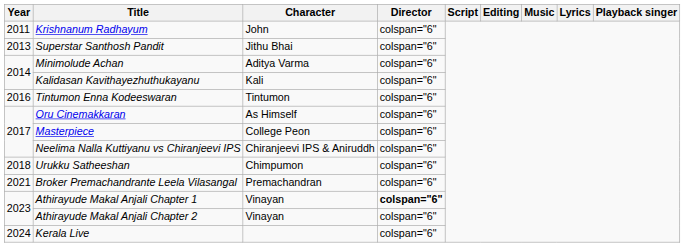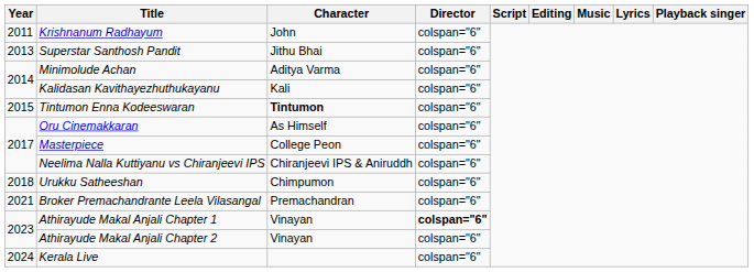 <table class="wikitable sortable">
 <tr>
 <th>Year</th>
 <th>Title</th>
 <th>Character</th>
 <th>Director</th>
 <th>Script</th>
 <th>Editing</th>
 <th>Music</th>
 <th>Lyrics</th>
 <th>Playback singer</th>
 </tr>
 <tr>
 <td>2011</td>
 <td><em><a href='#'>Krishnanum Radhayum</a></em></td>
 <td>John</td>
 <td>colspan="6"</td>
 </tr>
 <tr>
 <td>2013</td>
 <td><em> Superstar Santhosh Pandit </em></td>
 <td>Jithu Bhai</td>
 <td>colspan="6"</td>
 </tr>
 <tr>
 <td rowspan=2>2014</td>
 <td><em>Minimolude Achan</em></td>
 <td>Aditya Varma</td>
 <td>colspan="6"</td>
 </tr>
 <tr>
 <td><em>Kalidasan Kavithayezhuthukayanu</em></td>
 <td>Kali</td>
 <td>colspan="6"</td>
 </tr>
 <tr>
-<td>2016</td>
+<td>2015</td>
 <td><em>Tintumon Enna Kodeeswaran</em></td>
-<td>Tintumon</td>
+<td><strong>Tintumon</strong></td>
 <td>colspan="6"</td>
 </tr>
 <tr>
 <td rowspan=3>2017</td>
 <td><em><a href='#'>Oru Cinemakkaran</a></em></td>
 <td>As Himself</td>
 <td>colspan="6"</td>
 </tr>
 <tr>
 <td><em><a href='#'>Masterpiece</a></em></td>
 <td>College Peon</td>
 <td>colspan="6"</td>
 </tr>
 <tr>
 <td><em>Neelima Nalla Kuttiyanu vs Chiranjeevi IPS</em></td>
 <td>Chiranjeevi IPS & Aniruddh</td>
 <td>colspan="6"</td>
 </tr>
 <tr>
 <td>2018</td>
 <td><em>Urukku Satheeshan</em></td>
 <td>Chimpumon</td>
 <td>colspan="6"</td>
 </tr>
 <tr>
 <td>2021</td>
 <td><em>Broker Premachandrante Leela Vilasangal</em></td>
 <td>Premachandran</td>
 <td>colspan="6"</td>
 </tr>
 <tr>
 <td Rowspan=2>2023</td>
 <td><em>Athirayude Makal Anjali Chapter 1</em></td>
 <td>Vinayan</td>
 <td><strong>colspan="6"</strong></td>
 </tr>
 <tr>
 <td><em>Athirayude Makal Anjali Chapter 2</em></td>
 <td>Vinayan</td>
 <td>colspan="6"</td>
 </tr>
 <tr>
 <td>2024</td>
 <td><em>Kerala Live</em></td>
 <td></td>
 <td>colspan="6"</td>
 </tr>
 </table>
